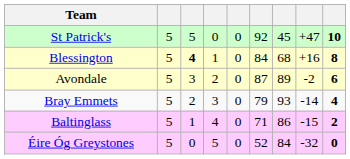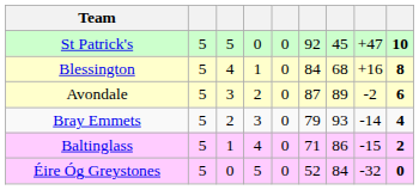 <table class="wikitable" style="text-align:center">
 <tr>
 <th style="width:175px;">Team</th>
 <th width="20"></th>
 <th width="20"></th>
 <th width="20"></th>
 <th width="20"></th>
 <th width="20"></th>
 <th width="20"></th>
 <th width="20"></th>
 <th width="20"></th>
 </tr>
 <tr style="background:#cfc;">
 <td><a href='#'>St Patrick's</a></td>
 <td>5</td>
 <td>5</td>
 <td>0</td>
 <td>0</td>
 <td>92</td>
 <td>45</td>
 <td>+47</td>
 <td><strong>10</strong></td>
 </tr>
 <tr style="background:#ffffcc;">
 <td><a href='#'>Blessington</a></td>
 <td>5</td>
-<td><strong>4</strong></td>
+<td>4</td>
 <td>1</td>
 <td>0</td>
 <td>84</td>
 <td>68</td>
 <td>+16</td>
 <td><strong>8</strong></td>
 </tr>
 <tr style="background:#ffffcc;">
 <td>Avondale</td>
 <td>5</td>
 <td>3</td>
 <td>2</td>
 <td>0</td>
 <td>87</td>
 <td>89</td>
 <td>-2</td>
 <td><strong>6</strong></td>
 </tr>
 <tr>
 <td><a href='#'>Bray Emmets</a></td>
 <td>5</td>
 <td>2</td>
 <td>3</td>
 <td>0</td>
 <td>79</td>
 <td>93</td>
 <td>-14</td>
 <td><strong>4</strong></td>
 </tr>
 <tr style="background:#fcf;">
 <td><a href='#'>Baltinglass</a></td>
 <td>5</td>
 <td>1</td>
 <td>4</td>
 <td>0</td>
 <td>71</td>
 <td>86</td>
 <td>-15</td>
 <td><strong>2</strong></td>
 </tr>
 <tr style="background:#fcf;">
 <td><a href='#'>Éire Óg Greystones</a></td>
 <td>5</td>
 <td>0</td>
 <td>5</td>
 <td>0</td>
 <td>52</td>
 <td>84</td>
 <td>-32</td>
 <td><strong>0</strong></td>
 </tr>
 </table>
